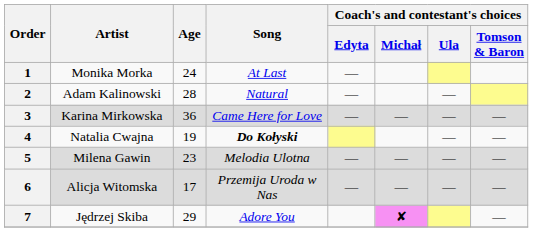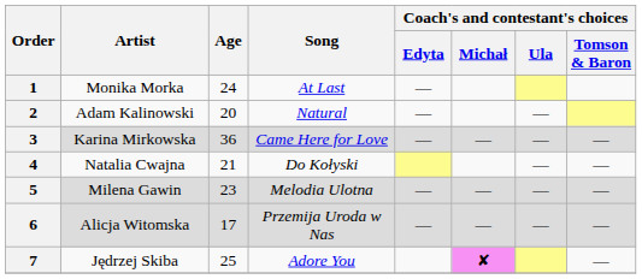 <table class="wikitable" style="text-align:center; width:100%;">
 <tr>
 <th scope="col" rowspan="2" style="width:05%;">Order</th>
 <th scope="col" rowspan="2" style="width:20%;">Artist</th>
 <th scope="col" rowspan="2" style="width:05%;">Age</th>
 <th scope="col" rowspan="2" style="width:20%;">Song</th>
 <th scope="col" colspan="4" style="width:32%;">Coach's and contestant's choices</th>
 </tr>
 <tr>
 <th style="width:07%;"><a href='#'>Edyta</a></th>
 <th style="width:07%;"><a href='#'>Michał</a></th>
 <th style="width:07%;"><a href='#'>Ula</a></th>
 <th style="width:07%;"><a href='#'>Tomson & Baron</a></th>
 </tr>
 <tr>
 <th>1</th>
 <td>Monika Morka</td>
 <td>24</td>
 <td><em><a href='#'>At Last</a></em></td>
 <td>—</td>
 <td><strong></strong></td>
 <td style="background:#fdfc8f;"><strong></strong></td>
 <td><strong></strong></td>
 </tr>
 <tr>
 <th>2</th>
 <td>Adam Kalinowski</td>
-<td>28</td>
+<td>20</td>
 <td><em><a href='#'>Natural</a></em></td>
 <td>—</td>
 <td><strong></strong></td>
 <td>—</td>
 <td style="background:#fdfc8f;"><strong></strong></td>
 </tr>
 <tr>
 <th>3</th>
 <td style="background:#DCDCDC;">Karina Mirkowska</td>
 <td style="background:#DCDCDC;">36</td>
 <td style="background:#DCDCDC;"><em><a href='#'>Came Here for Love</a></em></td>
 <td style="background:#DCDCDC;">—</td>
 <td style="background:#DCDCDC;">—</td>
 <td style="background:#DCDCDC;">—</td>
 <td style="background:#DCDCDC;">—</td>
 </tr>
 <tr>
 <th>4</th>
 <td>Natalia Cwajna</td>
-<td>19</td>
-<td><strong><em>Do Kołyski</em></strong></td>
+<td>21</td>
+<td><em>Do Kołyski</em></td>
 <td style="background:#fdfc8f;"><strong></strong></td>
 <td><strong></strong></td>
 <td>—</td>
 <td>—</td>
 </tr>
 <tr>
 <th>5</th>
 <td style="background:#DCDCDC;">Milena Gawin</td>
 <td style="background:#DCDCDC;">23</td>
 <td style="background:#DCDCDC;"><em>Melodia Ulotna</em></td>
 <td style="background:#DCDCDC;">—</td>
 <td style="background:#DCDCDC;">—</td>
 <td style="background:#DCDCDC;">—</td>
 <td style="background:#DCDCDC;">—</td>
 </tr>
 <tr>
 <th>6</th>
 <td style="background:#DCDCDC;">Alicja Witomska</td>
 <td style="background:#DCDCDC;">17</td>
 <td style="background:#DCDCDC;"><em>Przemija Uroda w Nas</em></td>
 <td style="background:#DCDCDC;">—</td>
 <td style="background:#DCDCDC;">—</td>
 <td style="background:#DCDCDC;">—</td>
 <td style="background:#DCDCDC;">—</td>
 </tr>
 <tr>
 <th>7</th>
 <td>Jędrzej Skiba</td>
-<td>29</td>
+<td>25</td>
 <td><em><a href='#'>Adore You</a></em></td>
 <td><strong></strong></td>
 <td style="background:#f791f3;"> ✘ </td>
 <td style="background:#fdfc8f;"><strong></strong></td>
 <td>—</td>
 </tr>
 <tr>
 </tr>
 </table>
